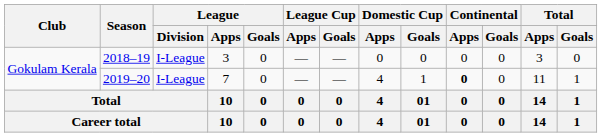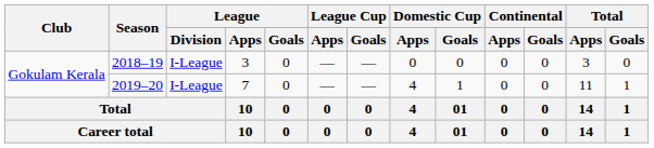 <table class="wikitable" style="text-align: center;">
 <tr>
 <th rowspan="2">Club</th>
 <th rowspan="2">Season</th>
 <th colspan="3">League</th>
 <th colspan="2">League Cup</th>
 <th colspan="2">Domestic Cup</th>
 <th colspan="2">Continental</th>
 <th colspan="2">Total</th>
 </tr>
 <tr>
 <th>Division</th>
 <th>Apps</th>
 <th>Goals</th>
 <th>Apps</th>
 <th>Goals</th>
 <th>Apps</th>
 <th>Goals</th>
 <th>Apps</th>
 <th>Goals</th>
 <th>Apps</th>
 <th>Goals</th>
 </tr>
 <tr>
 <td rowspan="2"><a href='#'>Gokulam Kerala</a></td>
 <td><a href='#'>2018–19</a></td>
 <td><a href='#'>I-League</a></td>
 <td>3</td>
 <td>0</td>
 <td>—</td>
 <td>—</td>
 <td>0</td>
 <td>0</td>
 <td>0</td>
 <td>0</td>
 <td>3</td>
 <td>0</td>
 </tr>
 <tr>
 <td><a href='#'>2019–20</a></td>
 <td><a href='#'>I-League</a></td>
 <td>7</td>
 <td>0</td>
 <td>—</td>
 <td>—</td>
 <td>4</td>
 <td>1</td>
-<td><strong>0</strong></td>
+<td>0</td>
 <td>0</td>
 <td>11</td>
 <td>1</td>
 </tr>
 <tr>
 <th colspan="3">Total</th>
 <th>10</th>
 <th>0</th>
 <th>0</th>
 <th>0</th>
 <th>4</th>
 <th>01</th>
 <th>0</th>
 <th>0</th>
 <th>14</th>
 <th>1</th>
 </tr>
 <tr>
 <th colspan="3">Career total</th>
 <th>10</th>
 <th>0</th>
 <th>0</th>
 <th>0</th>
 <th>4</th>
 <th>01</th>
 <th>0</th>
 <th>0</th>
 <th>14</th>
 <th>1</th>
 </tr>
 </table>
